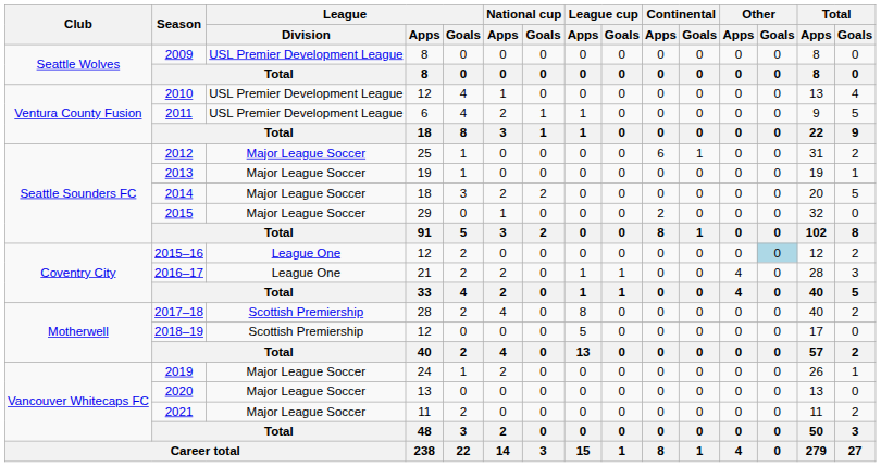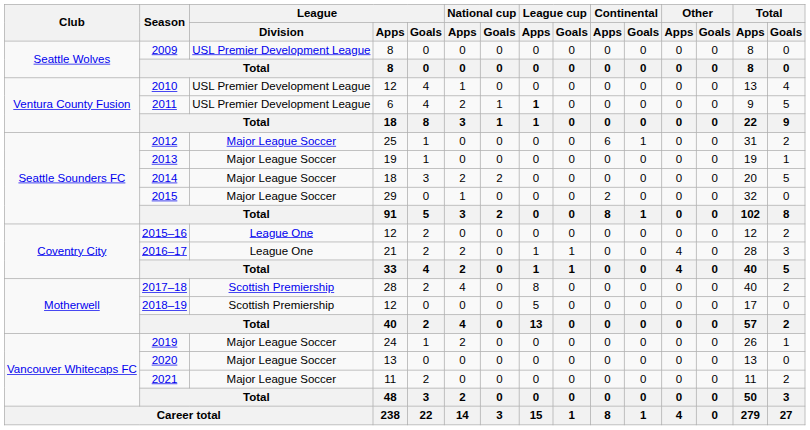 <table class="wikitable" style="text-align: center;">
 <tr>
 <th rowspan="2">Club</th>
 <th rowspan="2">Season</th>
 <th colspan="3">League</th>
 <th colspan="2">National cup</th>
 <th colspan="2">League cup</th>
 <th colspan="2">Continental</th>
 <th colspan="2">Other</th>
 <th colspan="2">Total</th>
 </tr>
 <tr>
 <th>Division</th>
 <th>Apps</th>
 <th>Goals</th>
 <th>Apps</th>
 <th>Goals</th>
 <th>Apps</th>
 <th>Goals</th>
 <th>Apps</th>
 <th>Goals</th>
 <th>Apps</th>
 <th>Goals</th>
 <th>Apps</th>
 <th>Goals</th>
 </tr>
 <tr>
 <td rowspan="2"><a href='#'>Seattle Wolves</a></td>
 <td><a href='#'>2009</a></td>
 <td><a href='#'>USL Premier Development League</a></td>
 <td>8</td>
 <td>0</td>
 <td>0</td>
 <td>0</td>
 <td>0</td>
 <td>0</td>
 <td>0</td>
 <td>0</td>
 <td>0</td>
 <td>0</td>
 <td>8</td>
 <td>0</td>
 </tr>
 <tr>
 <th colspan="2">Total</th>
 <th>8</th>
 <th>0</th>
 <th>0</th>
 <th>0</th>
 <th>0</th>
 <th>0</th>
 <th>0</th>
 <th>0</th>
 <th>0</th>
 <th>0</th>
 <th>8</th>
 <th>0</th>
 </tr>
 <tr>
 <td rowspan="3"><a href='#'>Ventura County Fusion</a></td>
 <td><a href='#'>2010</a></td>
 <td>USL Premier Development League</td>
 <td>12</td>
 <td>4</td>
 <td>1</td>
 <td>0</td>
 <td>0</td>
 <td>0</td>
 <td>0</td>
 <td>0</td>
 <td>0</td>
 <td>0</td>
 <td>13</td>
 <td>4</td>
 </tr>
 <tr>
 <td><a href='#'>2011</a></td>
 <td>USL Premier Development League</td>
 <td>6</td>
 <td>4</td>
 <td>2</td>
 <td>1</td>
-<td>1</td>
+<td><strong>1</strong></td>
 <td>0</td>
 <td>0</td>
 <td>0</td>
 <td>0</td>
 <td>0</td>
 <td>9</td>
 <td>5</td>
 </tr>
 <tr>
 <th colspan="2">Total</th>
 <th>18</th>
 <th>8</th>
 <th>3</th>
 <th>1</th>
 <th>1</th>
 <th>0</th>
 <th>0</th>
 <th>0</th>
 <th>0</th>
 <th>0</th>
 <th>22</th>
 <th>9</th>
 </tr>
 <tr>
 <td rowspan="5"><a href='#'>Seattle Sounders FC</a></td>
 <td><a href='#'>2012</a></td>
 <td><a href='#'>Major League Soccer</a></td>
 <td>25</td>
 <td>1</td>
 <td>0</td>
 <td>0</td>
 <td>0</td>
 <td>0</td>
 <td>6</td>
 <td>1</td>
 <td>0</td>
 <td>0</td>
 <td>31</td>
 <td>2</td>
 </tr>
 <tr>
 <td><a href='#'>2013</a></td>
 <td>Major League Soccer</td>
 <td>19</td>
 <td>1</td>
 <td>0</td>
 <td>0</td>
 <td>0</td>
 <td>0</td>
 <td>0</td>
 <td>0</td>
 <td>0</td>
 <td>0</td>
 <td>19</td>
 <td>1</td>
 </tr>
 <tr>
 <td><a href='#'>2014</a></td>
 <td>Major League Soccer</td>
 <td>18</td>
 <td>3</td>
 <td>2</td>
 <td>2</td>
 <td>0</td>
 <td>0</td>
 <td>0</td>
 <td>0</td>
 <td>0</td>
 <td>0</td>
 <td>20</td>
 <td>5</td>
 </tr>
 <tr>
 <td><a href='#'>2015</a></td>
 <td>Major League Soccer</td>
 <td>29</td>
 <td>0</td>
 <td>1</td>
 <td>0</td>
 <td>0</td>
 <td>0</td>
 <td>2</td>
 <td>0</td>
 <td>0</td>
 <td>0</td>
 <td>32</td>
 <td>0</td>
 </tr>
 <tr>
 <th colspan="2">Total</th>
 <th>91</th>
 <th>5</th>
 <th>3</th>
 <th>2</th>
 <th>0</th>
 <th>0</th>
 <th>8</th>
 <th>1</th>
 <th>0</th>
 <th>0</th>
 <th>102</th>
 <th>8</th>
 </tr>
 <tr>
 <td rowspan="3"><a href='#'>Coventry City</a></td>
 <td><a href='#'>2015–16</a></td>
 <td><a href='#'>League One</a></td>
 <td>12</td>
 <td>2</td>
 <td>0</td>
 <td>0</td>
 <td>0</td>
 <td>0</td>
 <td>0</td>
 <td>0</td>
 <td>0</td>
-<td style="background: lightblue;">0</td>
+<td>0</td>
 <td>12</td>
 <td>2</td>
 </tr>
 <tr>
 <td><a href='#'>2016–17</a></td>
 <td>League One</td>
 <td>21</td>
 <td>2</td>
 <td>2</td>
 <td>0</td>
 <td>1</td>
 <td>1</td>
 <td>0</td>
 <td>0</td>
 <td>4</td>
 <td>0</td>
 <td>28</td>
 <td>3</td>
 </tr>
 <tr>
 <th colspan="2">Total</th>
 <th>33</th>
 <th>4</th>
 <th>2</th>
 <th>0</th>
 <th>1</th>
 <th>1</th>
 <th>0</th>
 <th>0</th>
 <th>4</th>
 <th>0</th>
 <th>40</th>
 <th>5</th>
 </tr>
 <tr>
 <td rowspan="3"><a href='#'>Motherwell</a></td>
 <td><a href='#'>2017–18</a></td>
 <td><a href='#'>Scottish Premiership</a></td>
 <td>28</td>
 <td>2</td>
 <td>4</td>
 <td>0</td>
 <td>8</td>
 <td>0</td>
 <td>0</td>
 <td>0</td>
 <td>0</td>
 <td>0</td>
 <td>40</td>
 <td>2</td>
 </tr>
 <tr>
 <td><a href='#'>2018–19</a></td>
 <td>Scottish Premiership</td>
 <td>12</td>
 <td>0</td>
 <td>0</td>
 <td>0</td>
 <td>5</td>
 <td>0</td>
 <td>0</td>
 <td>0</td>
 <td>0</td>
 <td>0</td>
 <td>17</td>
 <td>0</td>
 </tr>
 <tr>
 <th colspan=2>Total</th>
 <th>40</th>
 <th>2</th>
 <th>4</th>
 <th>0</th>
 <th>13</th>
 <th>0</th>
 <th>0</th>
 <th>0</th>
 <th>0</th>
 <th>0</th>
 <th>57</th>
 <th>2</th>
 </tr>
 <tr>
 <td rowspan="4"><a href='#'>Vancouver Whitecaps FC</a></td>
 <td><a href='#'>2019</a></td>
 <td>Major League Soccer</td>
 <td>24</td>
 <td>1</td>
 <td>2</td>
 <td>0</td>
 <td>0</td>
 <td>0</td>
 <td>0</td>
 <td>0</td>
 <td>0</td>
 <td>0</td>
 <td>26</td>
 <td>1</td>
 </tr>
 <tr>
 <td><a href='#'>2020</a></td>
 <td>Major League Soccer</td>
 <td>13</td>
 <td>0</td>
 <td>0</td>
 <td>0</td>
 <td>0</td>
 <td>0</td>
 <td>0</td>
 <td>0</td>
 <td>0</td>
 <td>0</td>
 <td>13</td>
 <td>0</td>
 </tr>
 <tr>
 <td><a href='#'>2021</a></td>
 <td>Major League Soccer</td>
 <td>11</td>
 <td>2</td>
 <td>0</td>
 <td>0</td>
 <td>0</td>
 <td>0</td>
 <td>0</td>
 <td>0</td>
 <td>0</td>
 <td>0</td>
 <td>11</td>
 <td>2</td>
 </tr>
 <tr>
 <th colspan="2">Total</th>
 <th>48</th>
 <th>3</th>
 <th>2</th>
 <th>0</th>
 <th>0</th>
 <th>0</th>
 <th>0</th>
 <th>0</th>
 <th>0</th>
 <th>0</th>
 <th>50</th>
 <th>3</th>
 </tr>
 <tr>
 <th colspan="3">Career total</th>
 <th>238</th>
 <th>22</th>
 <th>14</th>
 <th>3</th>
 <th>15</th>
 <th>1</th>
 <th>8</th>
 <th>1</th>
 <th>4</th>
 <th>0</th>
 <th>279</th>
 <th>27</th>
 </tr>
 </table>
